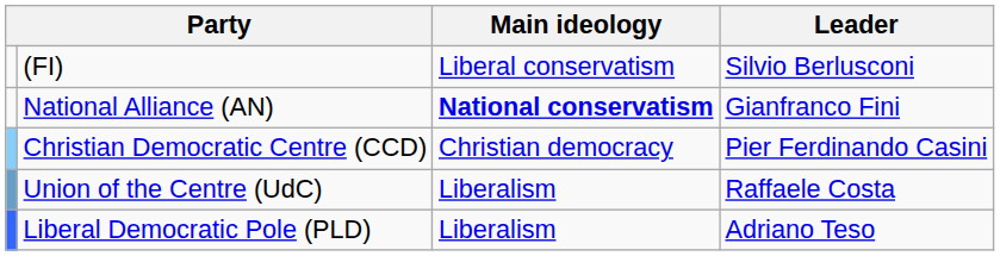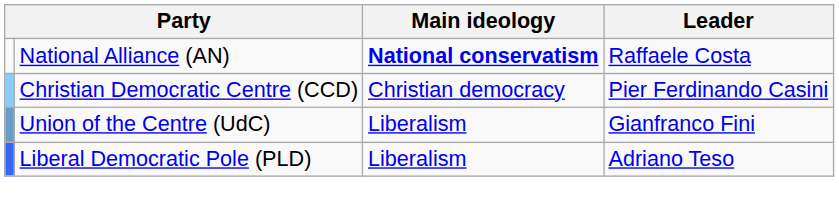 <table class=wikitable style=text-align:left>
 <tr>
 <th colspan=2>Party</th>
 <th>Main ideology</th>
 <th>Leader</th>
 </tr>
 <tr>
 <td></td>
-<td> (FI)</td>
-<td><a href='#'>Liberal conservatism</a></td>
-<td><a href='#'>Silvio Berlusconi</a></td>
-</tr>
-<tr>
-<td></td>
 <td><a href='#'>National Alliance</a> (AN)</td>
 <td><strong><a href='#'>National conservatism</a></strong></td>
-<td><a href='#'>Gianfranco Fini</a></td>
+<td><a href='#'>Raffaele Costa</a></td>
 </tr>
 <tr>
 <td bgcolor="lightskyblue"></td>
 <td><a href='#'>Christian Democratic Centre</a> (CCD)</td>
 <td><a href='#'>Christian democracy</a></td>
 <td><a href='#'>Pier Ferdinando Casini</a></td>
 </tr>
 <tr>
 <td bgcolor="#659ec7"></td>
 <td><a href='#'>Union of the Centre</a> (UdC)</td>
 <td><a href='#'>Liberalism</a></td>
-<td><a href='#'>Raffaele Costa</a></td>
+<td><a href='#'>Gianfranco Fini</a></td>
 </tr>
 <tr>
 <td bgcolor="#3366ff"></td>
 <td><a href='#'>Liberal Democratic Pole</a> (PLD)</td>
 <td><a href='#'>Liberalism</a></td>
 <td><a href='#'>Adriano Teso</a></td>
 </tr>
 </table>
